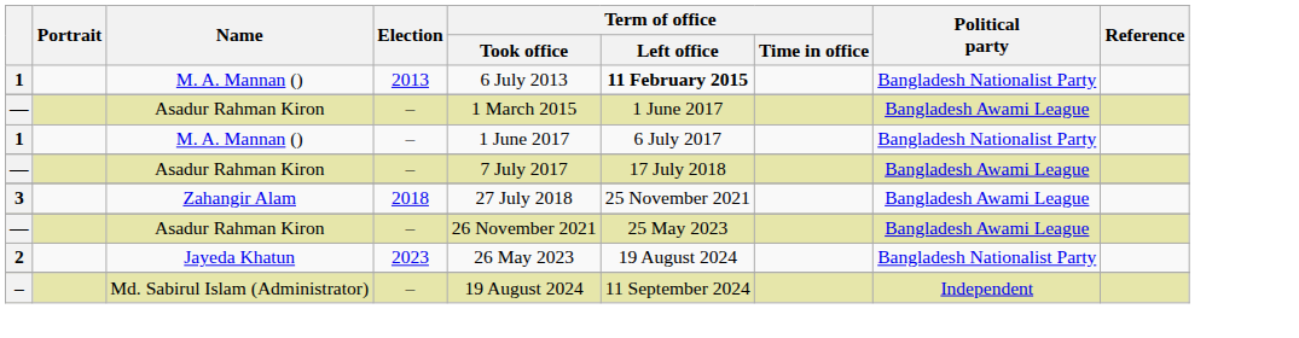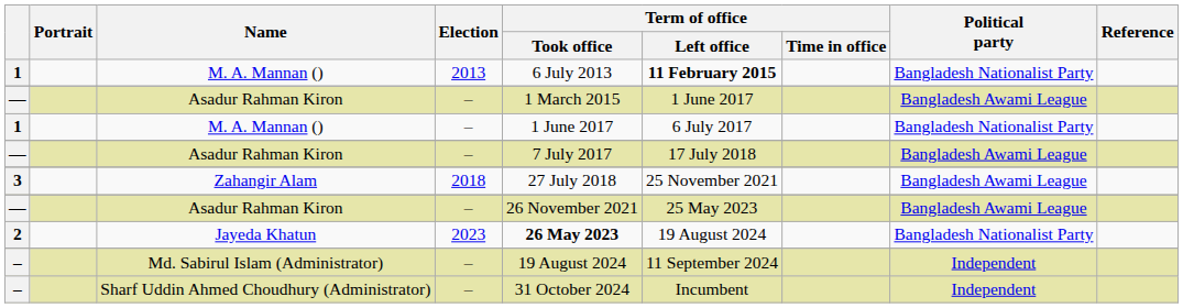 <table class="wikitable" style="text-align:center">
 <tr>
 <th rowspan="2"></th>
 <th rowspan="2">Portrait</th>
 <th rowspan="2">Name<br></th>
 <th rowspan="2">Election</th>
 <th colspan="3"><strong>Term of office</strong></th>
 <th rowspan="2"><strong>Political<br> party</strong></th>
 <th rowspan="2"><strong>Reference</strong></th>
 </tr>
 <tr>
 <th><strong>Took office</strong></th>
 <th><strong>Left office</strong></th>
 <th><strong>Time in office</strong></th>
 </tr>
 <tr>
 <th style="background:">1</th>
 <td align=center></td>
 <td><a href='#'>M. A. Mannan</a> ()</td>
 <td><a href='#'>2013</a></td>
 <td align=center>6 July 2013</td>
 <td align=center><strong>11 February 2015</strong></td>
 <td></td>
 <td><a href='#'>Bangladesh Nationalist Party</a></td>
 <td></td>
 </tr>
 <tr>
 </tr>
 <tr style="background:#e6e6aa;">
 <th style="background:">—</th>
 <td align=center></td>
 <td>Asadur Rahman Kiron</td>
 <td>–</td>
 <td align=center>1 March 2015</td>
 <td align=center>1 June 2017</td>
 <td></td>
 <td><a href='#'>Bangladesh Awami League</a></td>
 <td></td>
 </tr>
 <tr>
 <th style="background:">1</th>
 <td align=center></td>
 <td><a href='#'>M. A. Mannan</a> ()</td>
 <td>–</td>
 <td align=center>1 June 2017</td>
 <td align=center>6 July 2017</td>
 <td></td>
 <td><a href='#'>Bangladesh Nationalist Party</a></td>
 <td></td>
 </tr>
 <tr>
 </tr>
 <tr style="background:#e6e6aa;">
 <th style="background:">—</th>
 <td align=center></td>
 <td>Asadur Rahman Kiron</td>
 <td>–</td>
 <td align=center>7 July 2017</td>
 <td align=center>17 July 2018</td>
 <td></td>
 <td><a href='#'>Bangladesh Awami League</a></td>
 <td></td>
 </tr>
 <tr>
 </tr>
 <tr>
 <th style="background:">3</th>
 <td></td>
 <td><a href='#'>Zahangir Alam</a></td>
 <td><a href='#'>2018</a></td>
 <td align=center>27 July 2018</td>
 <td align=center>25 November 2021</td>
 <td></td>
 <td><a href='#'>Bangladesh Awami League</a></td>
 <td></td>
 </tr>
 <tr>
 </tr>
 <tr style="background:#e6e6aa;">
 <th style="background:">—</th>
 <td align=center></td>
 <td>Asadur Rahman Kiron</td>
 <td>–</td>
 <td align=center>26 November 2021</td>
 <td align=center>25 May 2023</td>
 <td></td>
 <td><a href='#'>Bangladesh Awami League</a></td>
 <td></td>
 </tr>
 <tr>
 <th style="background:">2</th>
 <td></td>
 <td><a href='#'>Jayeda Khatun</a></td>
 <td><a href='#'>2023</a></td>
-<td align=center>26 May 2023</td>
+<td align=center><strong>26 May 2023</strong></td>
 <td align=center>19 August 2024</td>
 <td></td>
 <td><a href='#'>Bangladesh Nationalist Party</a></td>
 <td></td>
 </tr>
 <tr>
 </tr>
 <tr style="background:#e6e6aa;">
 <th style="background:">–</th>
 <td align=center></td>
 <td>Md. Sabirul Islam (Administrator)</td>
 <td>–</td>
 <td align=center>19 August 2024</td>
 <td align=center>11 September 2024</td>
 <td></td>
 <td><a href='#'>Independent</a></td>
 <td></td>
 </tr>
+<tr style="background:#e6e6aa;">
+<th style="background:">–</th>
+<td align=center></td>
+<td>Sharf Uddin Ahmed Choudhury (Administrator)</td>
+<td>–</td>
+<td align=center>31 October 2024</td>
+<td align=center>Incumbent</td>
+<td></td>
+<td><a href='#'>Independent</a></td>
+<td></td>
+</tr>
 </table>
